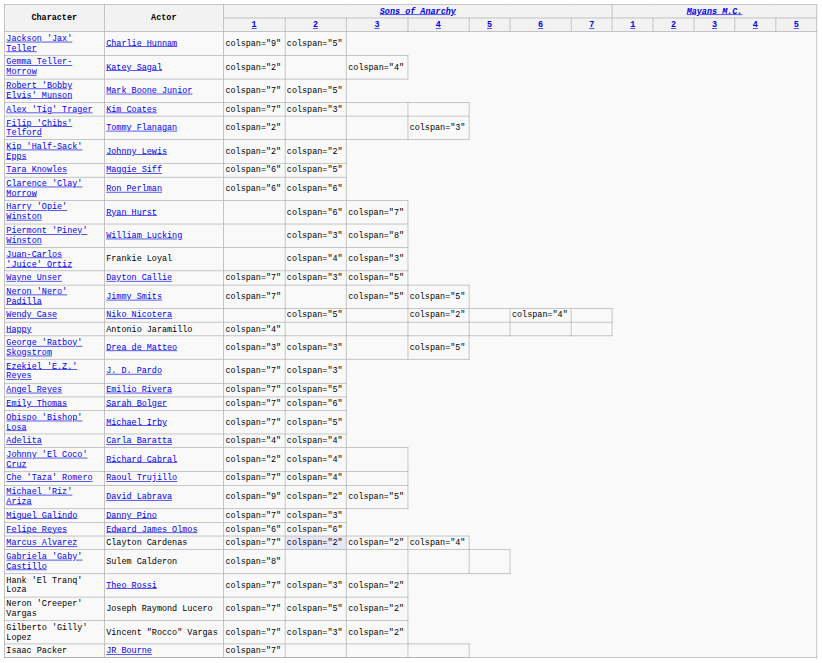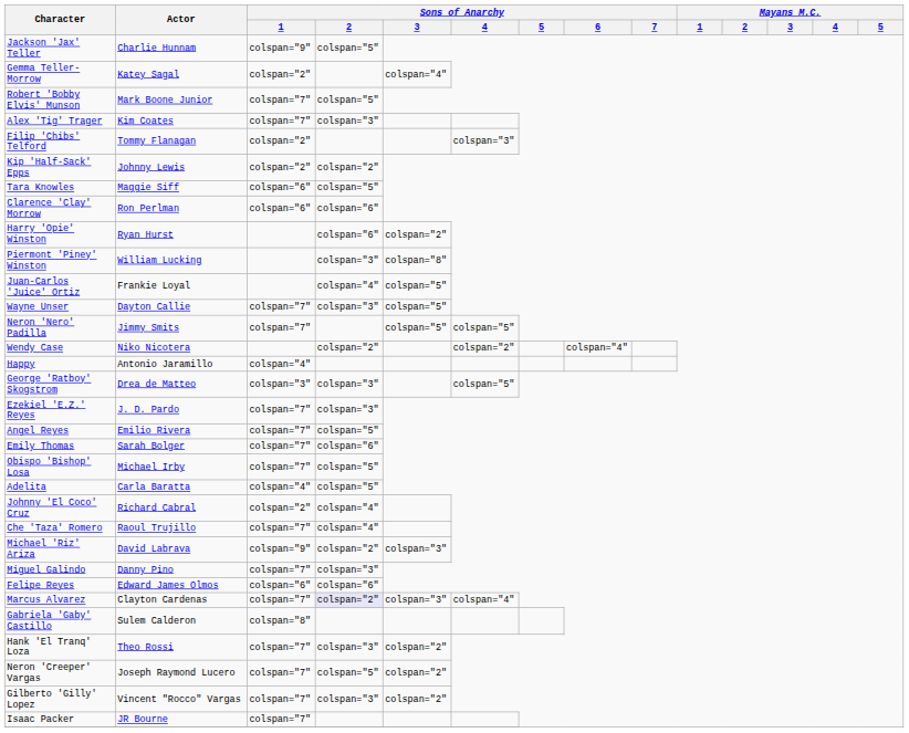 <table class="wikitable plainrowheaders">
 <tr>
 <th rowspan="2" style="width:200px;">Character</th>
 <th rowspan="2" style="width:250px;">Actor</th>
 <th colspan="7"><em><a href='#'>Sons of Anarchy</a></em></th>
 <th colspan="5"><em><a href='#'>Mayans M.C.</a></em></th>
 </tr>
 <tr>
 <th style="width:90px;"><a href='#'>1</a></th>
 <th style="width:90px;"><a href='#'>2</a></th>
 <th style="width:90px;"><a href='#'>3</a></th>
 <th style="width:90px;"><a href='#'>4</a></th>
 <th style="width:90px;"><a href='#'>5</a></th>
 <th style="width:90px;"><a href='#'>6</a></th>
 <th style="width:90px;"><a href='#'>7</a></th>
 <th style="width:90px;"><a href='#'>1</a></th>
 <th style="width:90px;"><a href='#'>2</a></th>
 <th style="width:90px;"><a href='#'>3</a></th>
 <th style="width:90px;"><a href='#'>4</a></th>
 <th style="width:90px;"><a href='#'>5</a></th>
 </tr>
 <tr>
 <td><a href='#'>Jackson 'Jax' Teller</a></td>
 <td><a href='#'>Charlie Hunnam</a></td>
 <td>colspan="9" </td>
 <td>colspan="5" </td>
 </tr>
 <tr>
 <td><a href='#'>Gemma Teller-Morrow</a></td>
 <td><a href='#'>Katey Sagal</a></td>
 <td>colspan="2" </td>
 <td></td>
 <td>colspan="4" </td>
 </tr>
 <tr>
 <td><a href='#'>Robert 'Bobby Elvis' Munson</a></td>
 <td><a href='#'>Mark Boone Junior</a></td>
 <td>colspan="7" </td>
 <td>colspan="5" </td>
 </tr>
 <tr>
 <td><a href='#'>Alex 'Tig' Trager</a></td>
 <td><a href='#'>Kim Coates</a></td>
 <td>colspan="7" </td>
 <td>colspan="3" </td>
 <td></td>
 <td></td>
 </tr>
 <tr>
 <td><a href='#'>Filip 'Chibs' Telford</a></td>
 <td><a href='#'>Tommy Flanagan</a></td>
 <td>colspan="2" </td>
 <td></td>
 <td></td>
 <td>colspan="3" </td>
 </tr>
 <tr>
 <td><a href='#'>Kip 'Half-Sack' Epps</a></td>
 <td><a href='#'>Johnny Lewis</a></td>
 <td>colspan="2" </td>
 <td>colspan="2" </td>
 </tr>
 <tr>
 <td><a href='#'>Tara Knowles</a></td>
 <td><a href='#'>Maggie Siff</a></td>
 <td>colspan="6" </td>
 <td>colspan="5" </td>
 </tr>
 <tr>
 <td><a href='#'>Clarence 'Clay' Morrow</a></td>
 <td><a href='#'>Ron Perlman</a></td>
 <td>colspan="6" </td>
 <td>colspan="6" </td>
 </tr>
 <tr>
 <td><a href='#'>Harry 'Opie' Winston</a></td>
 <td><a href='#'>Ryan Hurst</a></td>
 <td></td>
 <td>colspan="6" </td>
-<td>colspan="7" </td>
+<td>colspan="2" </td>
 </tr>
 <tr>
 <td><a href='#'>Piermont 'Piney' Winston</a></td>
 <td><a href='#'>William Lucking</a></td>
 <td></td>
 <td>colspan="3" </td>
 <td>colspan="8" </td>
 </tr>
 <tr>
 <td><a href='#'>Juan-Carlos 'Juice' Ortiz</a></td>
 <td>Frankie Loyal</td>
 <td></td>
 <td>colspan="4" </td>
-<td>colspan="3" </td>
+<td>colspan="5" </td>
 </tr>
 <tr>
 <td><a href='#'>Wayne Unser</a></td>
 <td><a href='#'>Dayton Callie</a></td>
 <td>colspan="7" </td>
 <td>colspan="3" </td>
 <td>colspan="5" </td>
 </tr>
 <tr>
 <td><a href='#'>Neron 'Nero' Padilla</a></td>
 <td><a href='#'>Jimmy Smits</a></td>
 <td>colspan="7" </td>
 <td></td>
 <td>colspan="5" </td>
 <td>colspan="5" </td>
 </tr>
 <tr>
 <td><a href='#'>Wendy Case</a></td>
 <td><a href='#'>Niko Nicotera</a></td>
 <td></td>
-<td>colspan="5" </td>
+<td>colspan="2" </td>
 <td></td>
 <td>colspan="2" </td>
 <td></td>
 <td>colspan="4" </td>
 <td></td>
 </tr>
 <tr>
 <td><a href='#'>Happy</a></td>
 <td>Antonio Jaramillo</td>
 <td>colspan="4" </td>
 <td></td>
 <td></td>
 <td></td>
 <td></td>
 <td></td>
 <td></td>
 </tr>
 <tr>
 <td><a href='#'>George 'Ratboy' Skogstrom</a></td>
 <td><a href='#'>Drea de Matteo</a></td>
 <td>colspan="3" </td>
 <td>colspan="3" </td>
 <td></td>
 <td>colspan="5" </td>
 </tr>
 <tr>
 <td><a href='#'>Ezekiel 'E.Z.' Reyes</a></td>
 <td><a href='#'>J. D. Pardo</a></td>
 <td>colspan="7" </td>
 <td>colspan="3" </td>
 </tr>
 <tr>
 <td><a href='#'>Angel Reyes</a></td>
 <td><a href='#'>Emilio Rivera</a></td>
 <td>colspan="7" </td>
 <td>colspan="5" </td>
 </tr>
 <tr>
 <td><a href='#'>Emily Thomas</a></td>
 <td><a href='#'>Sarah Bolger</a></td>
 <td>colspan="7" </td>
 <td>colspan="6" </td>
 </tr>
 <tr>
 <td><a href='#'>Obispo 'Bishop' Losa</a></td>
 <td><a href='#'>Michael Irby</a></td>
 <td>colspan="7" </td>
 <td>colspan="5" </td>
 </tr>
 <tr>
 <td><a href='#'>Adelita</a></td>
 <td><a href='#'>Carla Baratta</a></td>
 <td>colspan="4" </td>
-<td>colspan="4" </td>
+<td>colspan="5" </td>
 </tr>
 <tr>
 <td><a href='#'>Johnny 'El Coco' Cruz</a></td>
 <td><a href='#'>Richard Cabral</a></td>
 <td>colspan="2" </td>
 <td>colspan="4" </td>
 <td></td>
 </tr>
 <tr>
 <td><a href='#'>Che 'Taza' Romero</a></td>
 <td><a href='#'>Raoul Trujillo</a></td>
 <td>colspan="7" </td>
 <td>colspan="4" </td>
 <td></td>
 </tr>
 <tr>
 <td><a href='#'>Michael 'Riz' Ariza</a></td>
 <td><a href='#'>David Labrava</a></td>
 <td>colspan="9" </td>
 <td>colspan="2" </td>
-<td>colspan="5" </td>
+<td>colspan="3" </td>
 </tr>
 <tr>
 <td><a href='#'>Miguel Galindo</a></td>
 <td><a href='#'>Danny Pino</a></td>
 <td>colspan="7" </td>
 <td>colspan="3" </td>
 </tr>
 <tr>
 <td><a href='#'>Felipe Reyes</a></td>
 <td><a href='#'>Edward James Olmos</a></td>
 <td>colspan="6" </td>
 <td>colspan="6" </td>
 </tr>
 <tr>
 <td><a href='#'>Marcus Alvarez</a></td>
 <td>Clayton Cardenas</td>
 <td>colspan="7" </td>
 <td style="background: lavender;">colspan="2" </td>
-<td>colspan="2" </td>
+<td>colspan="3" </td>
 <td>colspan="4" </td>
 </tr>
 <tr>
 <td><a href='#'>Gabriela 'Gaby' Castillo</a></td>
 <td>Sulem Calderon</td>
 <td>colspan="8" </td>
 <td></td>
 <td></td>
 <td></td>
 <td></td>
 </tr>
 <tr>
 <td>Hank 'El Tranq' Loza</td>
 <td><a href='#'>Theo Rossi</a></td>
 <td>colspan="7" </td>
 <td>colspan="3" </td>
 <td>colspan="2" </td>
 </tr>
 <tr>
 <td>Neron 'Creeper' Vargas</td>
 <td>Joseph Raymond Lucero</td>
 <td>colspan="7" </td>
 <td>colspan="5" </td>
 <td>colspan="2" </td>
 </tr>
 <tr>
 <td>Gilberto 'Gilly' Lopez</td>
 <td>Vincent "Rocco" Vargas</td>
 <td>colspan="7" </td>
 <td>colspan="3" </td>
 <td>colspan="2" </td>
 </tr>
 <tr>
 <td>Isaac Packer</td>
 <td><a href='#'>JR Bourne</a></td>
 <td>colspan="7" </td>
 <td></td>
 <td></td>
 <td></td>
 </tr>
 <tr>
 </tr>
 </table>
